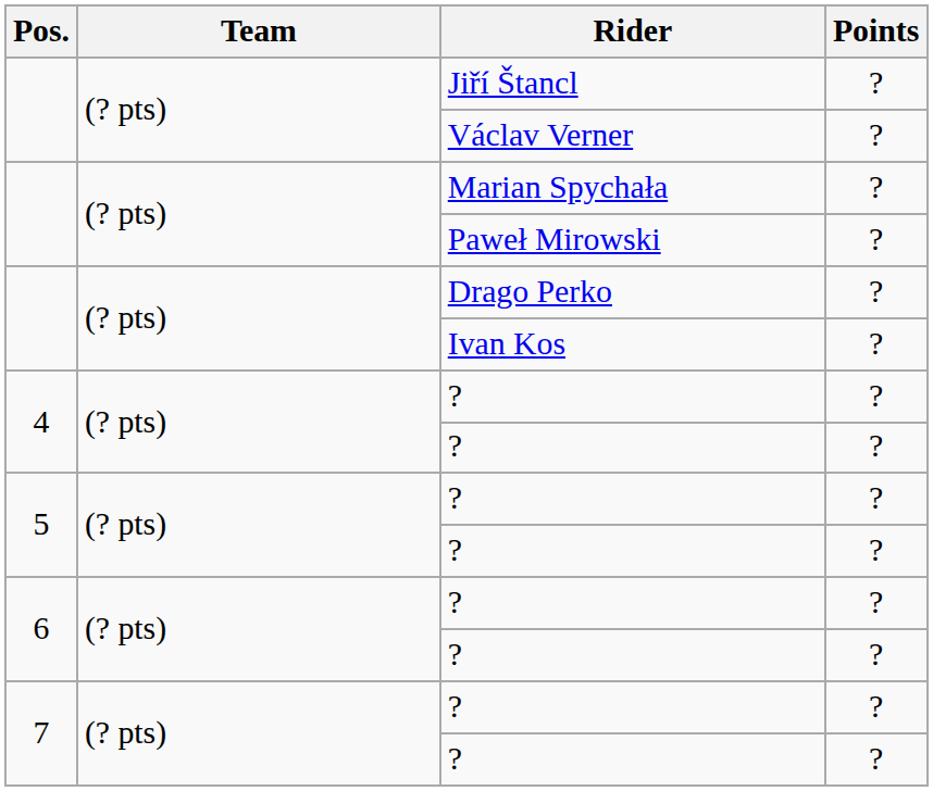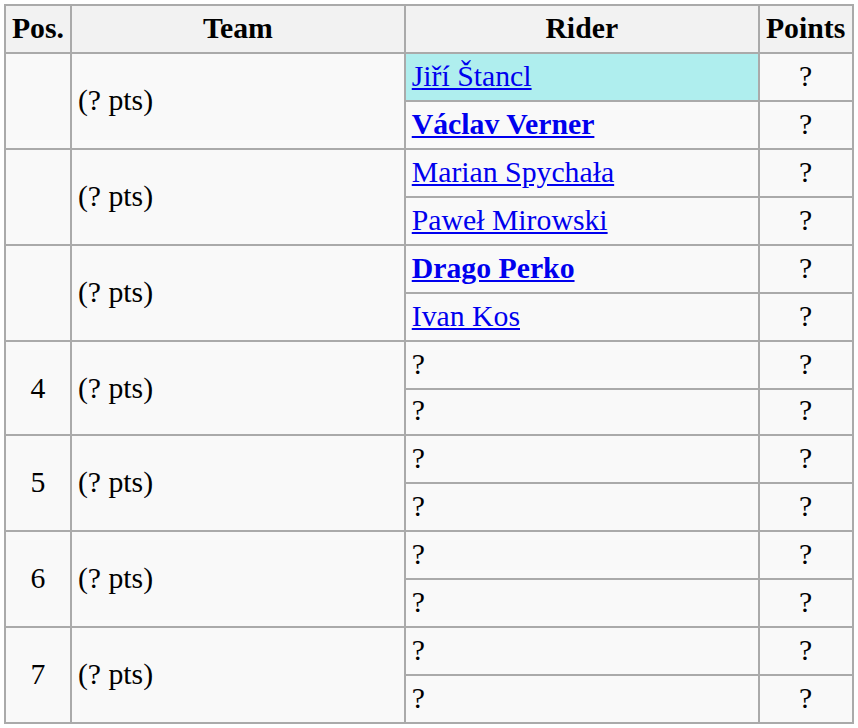 <table class=wikitable style="font-size:93%;">
 <tr>
 <th width=25px>Pos.</th>
 <th width=160px>Team</th>
 <th width=170px>Rider</th>
 <th width=40px>Points</th>
 </tr>
 <tr align=center >
 <td rowspan=2 ></td>
 <td rowspan=2 align=left> (? pts)</td>
-<td align=left><a href='#'>Jiří Štancl</a></td>
+<td align=left style="background: paleturquoise;"><a href='#'>Jiří Štancl</a></td>
 <td>?</td>
 </tr>
 <tr align=center >
-<td align=left><a href='#'>Václav Verner</a></td>
+<td align=left><strong><a href='#'>Václav Verner</a></strong></td>
 <td>?</td>
 </tr>
 <tr align=center >
 <td rowspan=2 ></td>
 <td rowspan=2 align=left> (? pts)</td>
 <td align=left><a href='#'>Marian Spychała</a></td>
 <td>?</td>
 </tr>
 <tr align=center >
 <td align=left><a href='#'>Paweł Mirowski</a></td>
 <td>?</td>
 </tr>
 <tr align=center >
 <td rowspan=2 ></td>
 <td rowspan=2 align=left> (? pts)</td>
-<td align=left><a href='#'>Drago Perko</a></td>
+<td align=left><strong><a href='#'>Drago Perko</a></strong></td>
 <td>?</td>
 </tr>
 <tr align=center >
 <td align=left><a href='#'>Ivan Kos</a></td>
 <td>?</td>
 </tr>
 <tr align=center>
 <td rowspan=2>4</td>
 <td rowspan=2 align=left> (? pts)</td>
 <td align=left>?</td>
 <td>?</td>
 </tr>
 <tr align=center>
 <td align=left>?</td>
 <td>?</td>
 </tr>
 <tr align=center>
 <td rowspan=2>5</td>
 <td rowspan=2 align=left> (? pts)</td>
 <td align=left>?</td>
 <td>?</td>
 </tr>
 <tr align=center>
 <td align=left>?</td>
 <td>?</td>
 </tr>
 <tr align=center>
 <td rowspan=2>6</td>
 <td rowspan=2 align=left> (? pts)</td>
 <td align=left>?</td>
 <td>?</td>
 </tr>
 <tr align=center>
 <td align=left>?</td>
 <td>?</td>
 </tr>
 <tr align=center>
 <td rowspan=2>7</td>
 <td rowspan=2 align=left> (? pts)</td>
 <td align=left>?</td>
 <td>?</td>
 </tr>
 <tr align=center>
 <td align=left>?</td>
 <td>?</td>
 </tr>
 </table>
